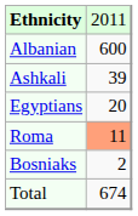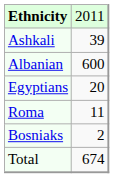 <table border=1 cellpadding=4 cellspacing=0 class="wikitable" style="align: left; margin: 0.5em 0 0 0; border-style: solid; border: 1px solid #999; border-right-width: 2px; border-bottom-width: 2px; border-collapse: collapse; font-size: 100%;">
 <tr style="background:#dfd;">
 <td style="background:#ddffdd;"><strong>Ethnicity</strong></td>
 <td style="text-align:center;">2011</td>
 </tr>
 <tr>
+<td style="background:#f3fff3;"><a href='#'>Ashkali</a></td>
+<td align="right">39</td>
+</tr>
+<tr>
 <td style="background:#f3fff3;"><a href='#'>Albanian</a></td>
 <td align="right">600</td>
-</tr>
-<tr>
-<td style="background:#f3fff3;"><a href='#'>Ashkali</a></td>
-<td align="right">39</td>
 </tr>
 <tr>
 <td style="background:#f3fff3;"><a href='#'>Egyptians</a></td>
 <td align="right">20</td>
 </tr>
 <tr>
 <td style="background:#f3fff3;"><a href='#'>Roma</a></td>
-<td align="right" style="background: lightsalmon;">11</td>
+<td align="right">11</td>
 </tr>
 <tr>
 <td style="background:#f3fff3;"><a href='#'>Bosniaks</a></td>
 <td align="right">2</td>
 </tr>
 <tr>
 <td style="background:#f3fff3;">Total</td>
 <td align="right">674</td>
 </tr>
 </table>
